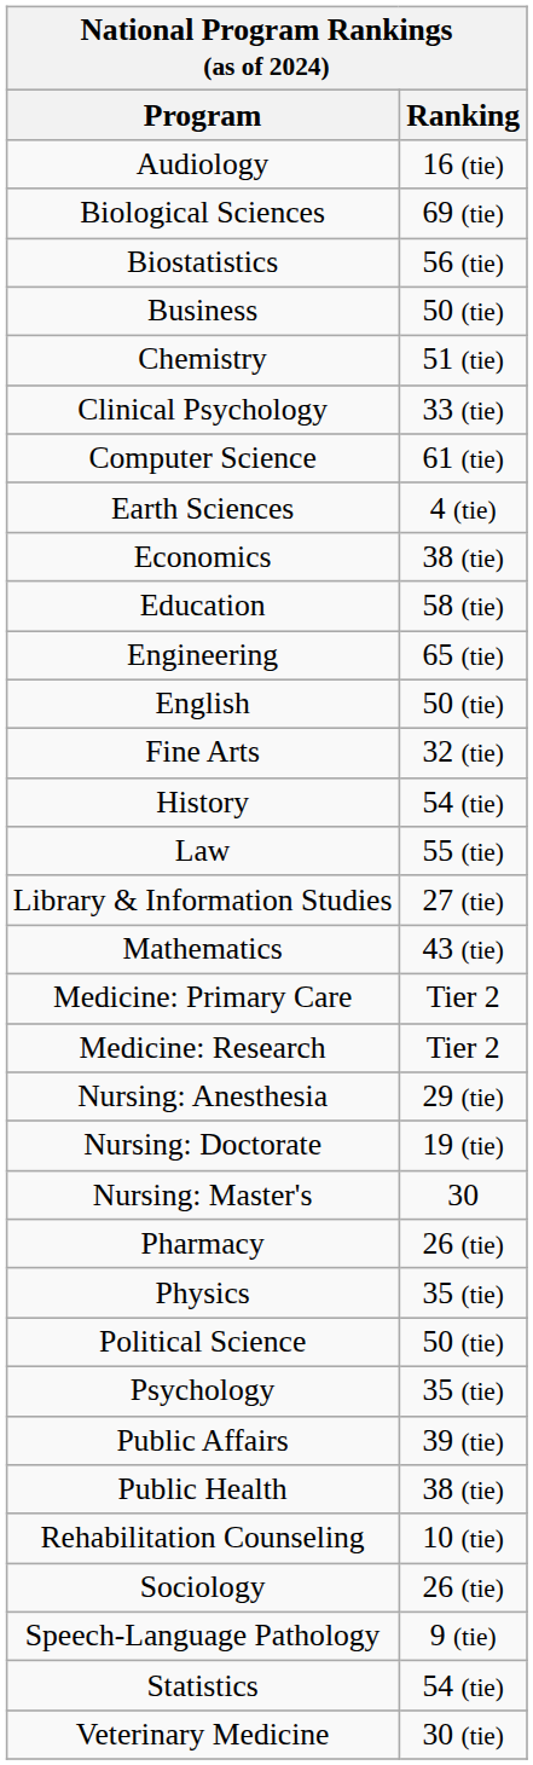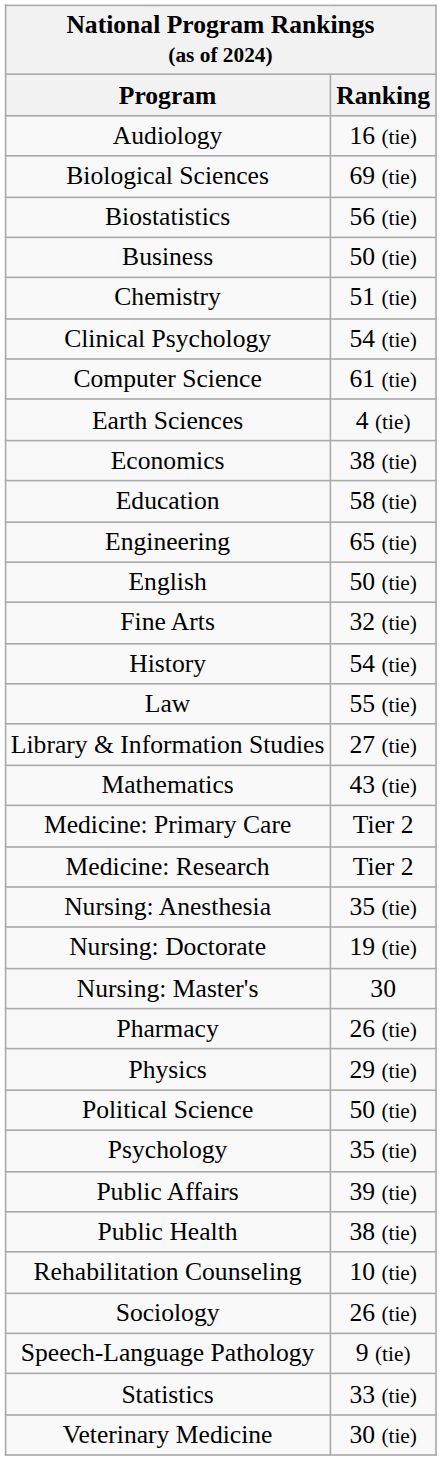 <table class="wikitable sortable collapsible collapsed" style="float:right; clear:right; text-align:center">
 <tr>
 <th colspan=4>National Program Rankings<br><small>(as of 2024)</small></th>
 </tr>
 <tr>
 <th>Program</th>
 <th>Ranking</th>
 </tr>
 <tr>
 <td>Audiology</td>
 <td>16 <small>(tie)</small></td>
 </tr>
 <tr>
 <td>Biological Sciences</td>
 <td>69 <small>(tie)</small></td>
 </tr>
 <tr>
 <td>Biostatistics</td>
 <td>56 <small>(tie)</small></td>
 </tr>
 <tr>
 <td>Business</td>
 <td>50 <small>(tie)</small></td>
 </tr>
 <tr>
 <td>Chemistry</td>
 <td>51 <small>(tie)</small></td>
 </tr>
 <tr>
 <td>Clinical Psychology</td>
-<td>33 <small>(tie)</small></td>
+<td>54 <small>(tie)</small></td>
 </tr>
 <tr>
 <td>Computer Science</td>
 <td>61 <small>(tie)</small></td>
 </tr>
 <tr>
 <td>Earth Sciences</td>
 <td>4 <small>(tie)</small></td>
 </tr>
 <tr>
 <td>Economics</td>
 <td>38 <small>(tie)</small></td>
 </tr>
 <tr>
 <td>Education</td>
 <td>58 <small>(tie)</small></td>
 </tr>
 <tr>
 <td>Engineering</td>
 <td>65 <small>(tie)</small></td>
 </tr>
 <tr>
 <td>English</td>
 <td>50 <small>(tie)</small></td>
 </tr>
 <tr>
 <td>Fine Arts</td>
 <td>32 <small>(tie)</small></td>
 </tr>
 <tr>
 <td>History</td>
 <td>54 <small>(tie)</small></td>
 </tr>
 <tr>
 <td>Law</td>
 <td>55 <small>(tie)</small></td>
 </tr>
 <tr>
 <td>Library & Information Studies</td>
 <td>27 <small>(tie)</small></td>
 </tr>
 <tr>
 <td>Mathematics</td>
 <td>43 <small>(tie)</small></td>
 </tr>
 <tr>
 <td>Medicine: Primary Care</td>
 <td>Tier 2</td>
 </tr>
 <tr>
 <td>Medicine: Research</td>
 <td>Tier 2</td>
 </tr>
 <tr>
 <td>Nursing: Anesthesia</td>
-<td>29 <small>(tie)</small></td>
+<td>35 <small>(tie)</small></td>
 </tr>
 <tr>
 <td>Nursing: Doctorate</td>
 <td>19 <small>(tie)</small></td>
 </tr>
 <tr>
 <td>Nursing: Master's</td>
 <td>30</td>
 </tr>
 <tr>
 <td>Pharmacy</td>
 <td>26 <small>(tie)</small></td>
 </tr>
 <tr>
 <td>Physics</td>
-<td>35 <small>(tie)</small></td>
+<td>29 <small>(tie)</small></td>
 </tr>
 <tr>
 <td>Political Science</td>
 <td>50 <small>(tie)</small></td>
 </tr>
 <tr>
 <td>Psychology</td>
 <td>35 <small>(tie)</small></td>
 </tr>
 <tr>
 <td>Public Affairs</td>
 <td>39 <small>(tie)</small></td>
 </tr>
 <tr>
 <td>Public Health</td>
 <td>38 <small>(tie)</small></td>
 </tr>
 <tr>
 <td>Rehabilitation Counseling</td>
 <td>10 <small>(tie)</small></td>
 </tr>
 <tr>
 <td>Sociology</td>
 <td>26 <small>(tie)</small></td>
 </tr>
 <tr>
 <td>Speech-Language Pathology</td>
 <td>9 <small>(tie)</small></td>
 </tr>
 <tr>
 <td>Statistics</td>
-<td>54 <small>(tie)</small></td>
+<td>33 <small>(tie)</small></td>
 </tr>
 <tr>
 <td>Veterinary Medicine</td>
 <td>30 <small>(tie)</small></td>
 </tr>
 </table>
